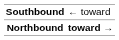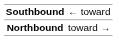 <table border="1" cellspacing="0" cellpadding="3" frame="hsides" rules="rows">
 <tr>
 <th><span>Southbound</span></th>
 <td>←  toward </td>
 </tr>
 <tr>
 <th><span>Northbound</span></th>
-<td><strong>  toward  →</strong></td>
+<td>  toward  →</td>
 </tr>
 </table>
